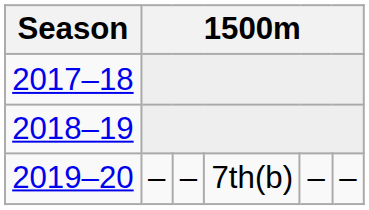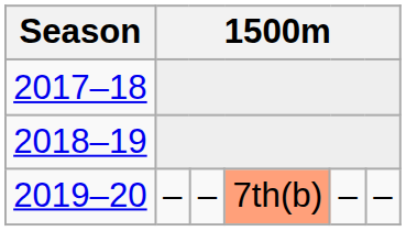 <table class="wikitable" style="display: inline-table;">
 <tr>
 <th>Season</th>
 <th colspan="5">1500m</th>
 </tr>
 <tr>
 <td><a href='#'>2017–18</a></td>
 <td colspan="5" bgcolor=#EEEEEE></td>
 </tr>
 <tr>
 <td><a href='#'>2018–19</a></td>
 <td colspan="5" bgcolor=#EEEEEE></td>
 </tr>
 <tr>
 <td><a href='#'>2019–20</a></td>
 <td>–</td>
 <td>–</td>
-<td>7th(b)</td>
+<td style="background: lightsalmon;">7th(b)</td>
 <td>–</td>
 <td>–</td>
 </tr>
 </table>
